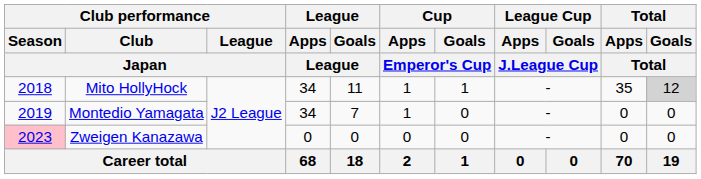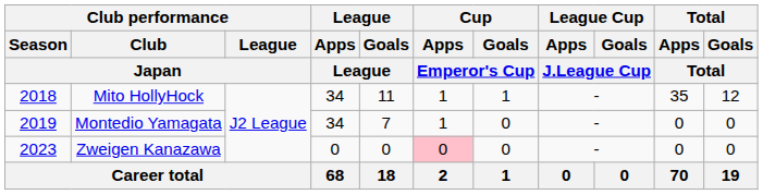 <table class="wikitable" style="text-align:center;">
 <tr>
 <th colspan=3>Club performance</th>
 <th colspan=2>League</th>
 <th colspan=2>Cup</th>
 <th colspan=2>League Cup</th>
 <th colspan=2>Total</th>
 </tr>
 <tr>
 <th>Season</th>
 <th>Club</th>
 <th>League</th>
 <th>Apps</th>
 <th>Goals</th>
 <th>Apps</th>
 <th>Goals</th>
 <th>Apps</th>
 <th>Goals</th>
 <th>Apps</th>
 <th>Goals</th>
 </tr>
 <tr>
 <th colspan=3>Japan</th>
 <th colspan=2>League</th>
 <th colspan=2><a href='#'>Emperor's Cup</a></th>
 <th colspan=2><a href='#'>J.League Cup</a></th>
 <th colspan=2>Total</th>
 </tr>
 <tr>
 <td><a href='#'>2018</a></td>
 <td><a href='#'>Mito HollyHock</a></td>
 <td rowspan="3"><a href='#'>J2 League</a></td>
 <td>34</td>
 <td>11</td>
 <td>1</td>
 <td>1</td>
 <td colspan=2>-</td>
 <td>35</td>
-<td style="background: lightgrey;">12</td>
+<td>12</td>
 </tr>
 <tr>
 <td><a href='#'>2019</a></td>
 <td><a href='#'>Montedio Yamagata</a></td>
 <td>34</td>
 <td>7</td>
 <td>1</td>
 <td>0</td>
 <td colspan=2>-</td>
 <td>0</td>
 <td>0</td>
 </tr>
 <tr>
-<td style="background: pink;"><a href='#'>2023</a></td>
+<td><a href='#'>2023</a></td>
 <td><a href='#'>Zweigen Kanazawa</a></td>
 <td>0</td>
 <td>0</td>
-<td>0</td>
+<td style="background: pink;">0</td>
 <td>0</td>
 <td colspan=2>-</td>
 <td>0</td>
 <td>0</td>
 </tr>
 <tr>
 <th colspan=3>Career total</th>
 <th>68</th>
 <th>18</th>
 <th>2</th>
 <th>1</th>
 <th>0</th>
 <th>0</th>
 <th>70</th>
 <th>19</th>
 </tr>
 </table>
